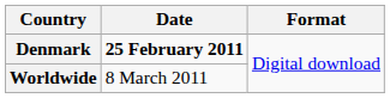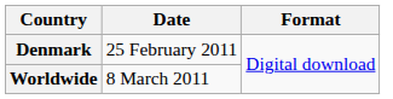 <table class="wikitable plainrowheaders">
 <tr>
 <th scope="col">Country</th>
 <th scope="col">Date</th>
 <th scope="col">Format</th>
 </tr>
 <tr>
 <th scope="row">Denmark</th>
-<td><strong>25 February 2011</strong></td>
+<td>25 February 2011</td>
 <td rowspan="2"><a href='#'>Digital download</a></td>
 </tr>
 <tr>
 <th scope="row">Worldwide</th>
 <td>8 March 2011</td>
 </tr>
 </table>
